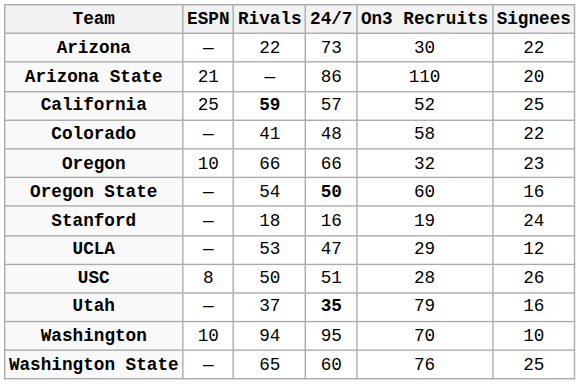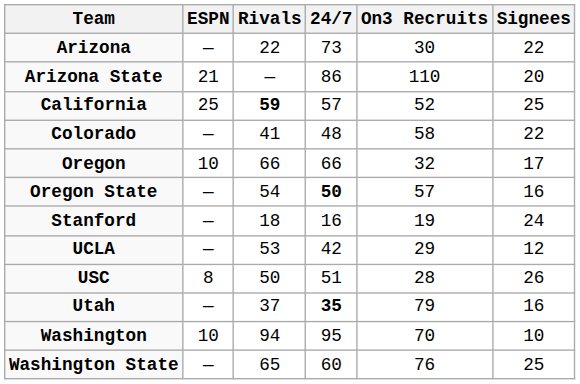 <table class="wikitable">
 <tr>
 <th>Team</th>
 <th>ESPN</th>
 <th>Rivals</th>
 <th>24/7</th>
 <th>On3 Recruits </th>
 <th>Signees</th>
 </tr>
 <tr style="text-align:center;">
 <td><strong>Arizona</strong></td>
 <td style="text-align:center; background:white">—</td>
 <td style="text-align:center; background:white">22</td>
 <td style="text-align:center; background:white">73</td>
 <td style="text-align:center; background:white">30</td>
 <td style="text-align:center; background:white">22</td>
 </tr>
 <tr style="text-align:center;">
 <td><strong>Arizona State</strong></td>
 <td style="text-align:center; background:white">21</td>
 <td style="text-align:center; background:white">―</td>
 <td style="text-align:center; background:white">86</td>
 <td style="text-align:center; background:white">110</td>
 <td style="text-align:center; background:white">20</td>
 </tr>
 <tr style="text-align:center;">
 <td><strong>California</strong></td>
 <td style="text-align:center; background:white">25</td>
 <td style="text-align:center; background:white"><strong>59</strong></td>
 <td style="text-align:center; background:white">57</td>
 <td style="text-align:center; background:white">52</td>
 <td style="text-align:center; background:white">25</td>
 </tr>
 <tr style="text-align:center;">
 <td><strong>Colorado</strong></td>
 <td style="text-align:center; background:white">―</td>
 <td style="text-align:center; background:white">41</td>
 <td style="text-align:center; background:white">48</td>
 <td style="text-align:center; background:white">58</td>
 <td style="text-align:center; background:white">22</td>
 </tr>
 <tr style="text-align:center;">
 <td><strong>Oregon</strong></td>
 <td style="text-align:center; background:white">10</td>
 <td style="text-align:center; background:white">66</td>
 <td style="text-align:center; background:white">66</td>
 <td style="text-align:center; background:white">32</td>
-<td style="text-align:center; background:white">23</td>
+<td style="text-align:center; background:white">17</td>
 </tr>
 <tr style="text-align:center;">
 <td><strong>Oregon State</strong></td>
 <td style="text-align:center; background:white">―</td>
 <td style="text-align:center; background:white">54</td>
 <td style="text-align:center; background:white"><strong>50</strong></td>
-<td style="text-align:center; background:white">60</td>
+<td style="text-align:center; background:white">57</td>
 <td style="text-align:center; background:white">16</td>
 </tr>
 <tr style="text-align:center;">
 <td><strong>Stanford</strong></td>
 <td style="text-align:center; background:white">―</td>
 <td style="text-align:center; background:white">18</td>
 <td style="text-align:center; background:white">16</td>
 <td style="text-align:center; background:white">19</td>
 <td style="text-align:center; background:white">24</td>
 </tr>
 <tr style="text-align:center;">
 <td><strong>UCLA</strong></td>
 <td style="text-align:center; background:white">―</td>
 <td style="text-align:center; background:white">53</td>
-<td style="text-align:center; background:white">47</td>
+<td style="text-align:center; background:white">42</td>
 <td style="text-align:center; background:white">29</td>
 <td style="text-align:center; background:white">12</td>
 </tr>
 <tr style="text-align:center;">
 <td><strong>USC</strong></td>
 <td style="text-align:center; background:white">8</td>
 <td style="text-align:center; background:white">50</td>
 <td style="text-align:center; background:white">51</td>
 <td style="text-align:center; background:white">28</td>
 <td style="text-align:center; background:white">26</td>
 </tr>
 <tr style="text-align:center;">
 <td><strong>Utah</strong></td>
 <td style="text-align:center; background:white">―</td>
 <td style="text-align:center; background:white">37</td>
 <td style="text-align:center; background:white"><strong>35</strong></td>
 <td style="text-align:center; background:white">79</td>
 <td style="text-align:center; background:white">16</td>
 </tr>
 <tr style="text-align:center;">
 <td><strong>Washington</strong></td>
 <td style="text-align:center; background:white">10</td>
 <td style="text-align:center; background:white">94</td>
 <td style="text-align:center; background:white">95</td>
 <td style="text-align:center; background:white">70</td>
 <td style="text-align:center; background:white">10</td>
 </tr>
 <tr style="text-align:center;">
 <td><strong>Washington State</strong></td>
 <td style="text-align:center; background:white">―</td>
 <td style="text-align:center; background:white">65</td>
 <td style="text-align:center; background:white">60</td>
 <td style="text-align:center; background:white">76</td>
 <td style="text-align:center; background:white">25</td>
 </tr>
 </table>
